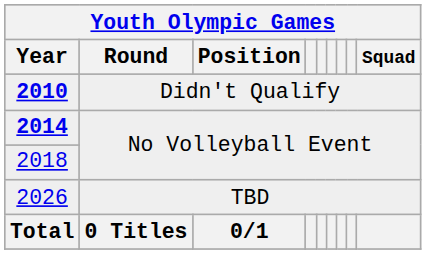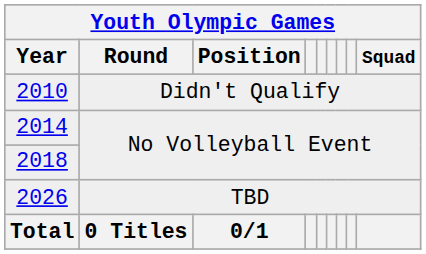 <table class="wikitable" style="text-align: center;">
 <tr>
 <th colspan=9><a href='#'>Youth Olympic Games</a></th>
 </tr>
 <tr>
 <th>Year</th>
 <th>Round</th>
 <th>Position</th>
 <th></th>
 <th></th>
 <th></th>
 <th></th>
 <th></th>
 <th><small>Squad</small></th>
 </tr>
 <tr bgcolor="efefef">
-<td><strong> <a href='#'>2010</a></strong></td>
+<td> <a href='#'>2010</a></td>
 <td colspan=9>Didn't Qualify</td>
 </tr>
 <tr bgcolor="efefef">
-<td><strong> <a href='#'>2014</a></strong></td>
+<td> <a href='#'>2014</a></td>
 <td colspan=9 rowspan=2 align=center>No Volleyball Event</td>
 </tr>
 <tr bgcolor="efefef">
 <td> <a href='#'>2018</a></td>
 </tr>
 <tr bgcolor="efefef">
 <td> <a href='#'>2026</a></td>
 <td colspan=9>TBD</td>
 </tr>
 <tr>
 <th>Total</th>
 <th>0 Titles</th>
 <th>0/1</th>
 <th></th>
 <th></th>
 <th></th>
 <th></th>
 <th></th>
 <th></th>
 </tr>
 </table>
